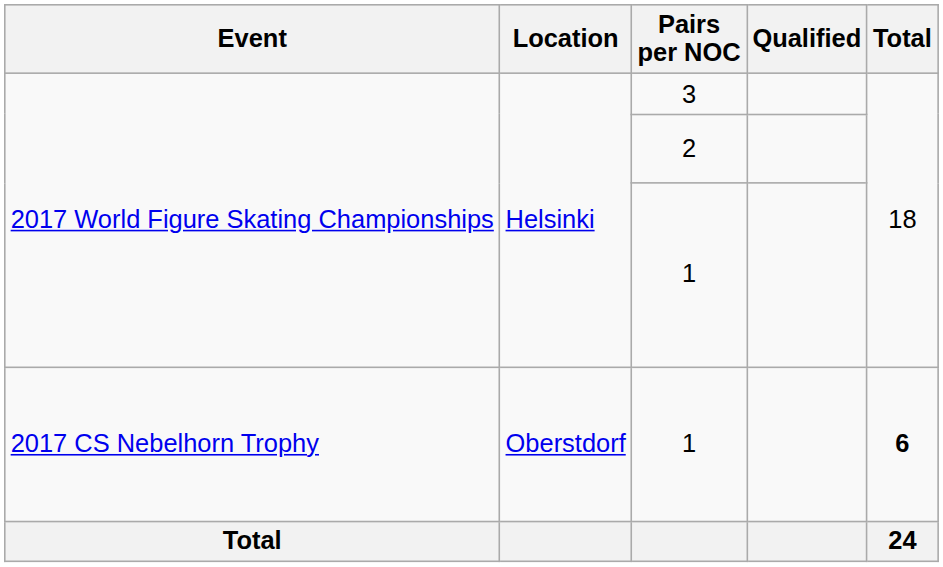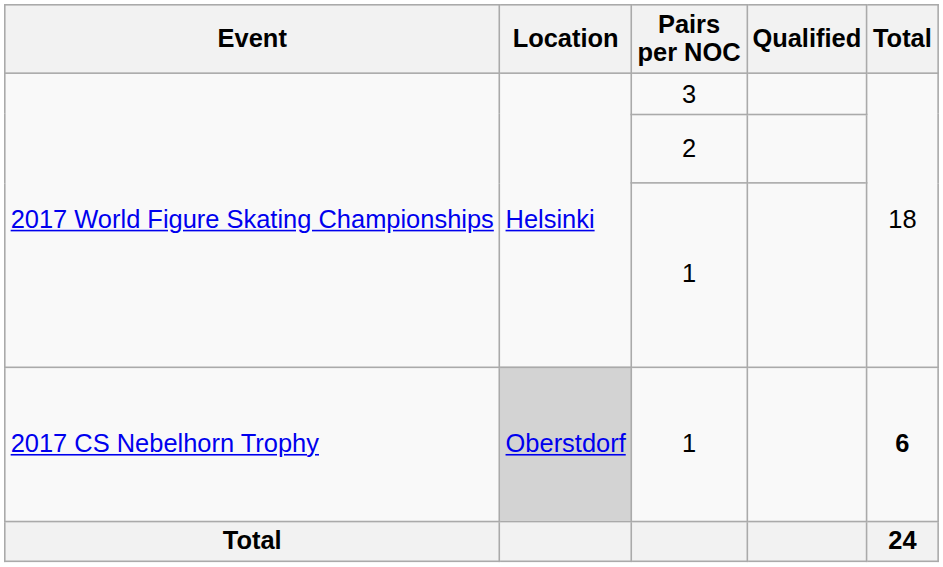 <table class="wikitable">
 <tr>
 <th>Event</th>
 <th>Location</th>
 <th>Pairs <br> per NOC</th>
 <th>Qualified</th>
 <th>Total</th>
 </tr>
 <tr>
 <td rowspan = 3><a href='#'>2017 World Figure Skating Championships</a></td>
 <td rowspan = 3> <a href='#'>Helsinki</a></td>
 <td align="center">3</td>
 <td><br></td>
 <td rowspan = 3 align="center">18</td>
 </tr>
 <tr>
 <td align="center">2</td>
 <td><br><br></td>
 </tr>
 <tr>
 <td align="center">1</td>
 <td><br><s></s><br><br><br><br><br></td>
 </tr>
 <tr>
 <td><a href='#'>2017 CS Nebelhorn Trophy</a></td>
-<td> <a href='#'>Oberstdorf</a></td>
+<td style="background: lightgrey;"> <a href='#'>Oberstdorf</a></td>
 <td align="center">1</td>
 <td><br><br><br><br><br></td>
 <td align="center"><strong>6</strong></td>
 </tr>
 <tr>
 <th>Total</th>
 <th></th>
 <th></th>
 <th></th>
 <th>24</th>
 </tr>
 </table>
